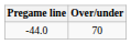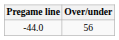 <table class="wikitable" style="margin-left: auto; margin-right: auto; border: none; display: inline-table;">
 <tr align="center">
 <th style=>Pregame line</th>
 <th style=>Over/under</th>
 </tr>
 <tr align="center">
 <td>-44.0</td>
-<td>70</td>
+<td>56</td>
 </tr>
 </table>
